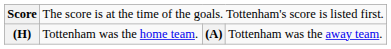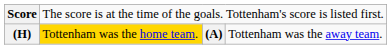 <table class="wikitable">
 <tr>
 <th>Score</th>
 <td colspan="3">The score is at the time of the goals. Tottenham's score is listed first.</td>
 </tr>
 <tr>
 <th>(H)</th>
-<td>Tottenham was the <a href='#'>home team</a>.</td>
+<td style="background: gold;">Tottenham was the <a href='#'>home team</a>.</td>
 <th>(A)</th>
 <td>Tottenham was the <a href='#'>away team</a>.</td>
 </tr>
 </table>
